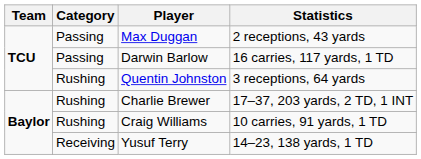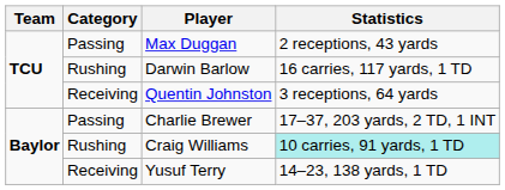 <table class="wikitable" style="float: right;">
 <tr>
 <th>Team</th>
 <th>Category</th>
 <th>Player</th>
 <th>Statistics</th>
 </tr>
 <tr>
 <td rowspan=3><strong>TCU</strong></td>
 <td>Passing</td>
 <td><a href='#'>Max Duggan</a></td>
 <td>2 receptions, 43 yards</td>
 </tr>
 <tr>
-<td>Passing</td>
+<td>Rushing</td>
 <td>Darwin Barlow</td>
 <td>16 carries, 117 yards, 1 TD</td>
 </tr>
 <tr>
-<td>Rushing</td>
+<td>Receiving</td>
 <td><a href='#'>Quentin Johnston</a></td>
 <td>3 receptions, 64 yards</td>
 </tr>
 <tr>
 <td rowspan=3><strong>Baylor</strong></td>
-<td>Rushing</td>
+<td>Passing</td>
 <td>Charlie Brewer</td>
 <td>17–37, 203 yards, 2 TD, 1 INT</td>
 </tr>
 <tr>
 <td>Rushing</td>
 <td>Craig Williams</td>
-<td>10 carries, 91 yards, 1 TD</td>
+<td style="background: paleturquoise;">10 carries, 91 yards, 1 TD</td>
 </tr>
 <tr>
 <td>Receiving</td>
 <td>Yusuf Terry</td>
 <td>14–23, 138 yards, 1 TD</td>
 </tr>
 </table>
